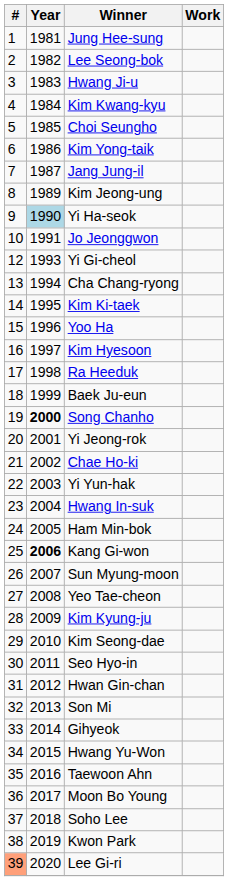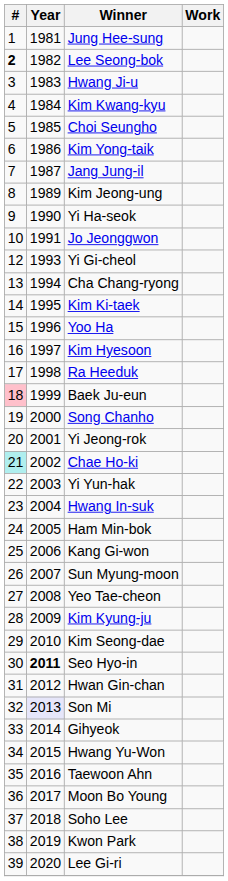 <table class="wikitable">
 <tr>
 <th>#</th>
 <th>Year</th>
 <th>Winner</th>
 <th>Work</th>
 </tr>
 <tr>
 <td>1</td>
 <td>1981</td>
 <td><a href='#'>Jung Hee-sung</a></td>
 <td></td>
 </tr>
 <tr>
-<td>2</td>
+<td><strong>2</strong></td>
 <td>1982</td>
 <td><a href='#'>Lee Seong-bok</a></td>
 <td></td>
 </tr>
 <tr>
 <td>3</td>
 <td>1983</td>
 <td><a href='#'>Hwang Ji-u</a></td>
 <td></td>
 </tr>
 <tr>
 <td>4</td>
 <td>1984</td>
 <td><a href='#'>Kim Kwang-kyu</a></td>
 <td></td>
 </tr>
 <tr>
 <td>5</td>
 <td>1985</td>
 <td><a href='#'>Choi Seungho</a></td>
 <td></td>
 </tr>
 <tr>
 <td>6</td>
 <td>1986</td>
 <td><a href='#'>Kim Yong-taik</a></td>
 <td></td>
 </tr>
 <tr>
 <td>7</td>
 <td>1987</td>
 <td><a href='#'>Jang Jung-il</a></td>
 <td></td>
 </tr>
 <tr>
 <td>8</td>
 <td>1989</td>
 <td>Kim Jeong-ung</td>
 <td></td>
 </tr>
 <tr>
 <td>9</td>
-<td style="background: lightblue;">1990</td>
+<td>1990</td>
 <td>Yi Ha-seok</td>
 <td></td>
 </tr>
 <tr>
 <td>10</td>
 <td>1991</td>
 <td><a href='#'>Jo Jeonggwon</a></td>
 <td></td>
 </tr>
 <tr>
 <td>12</td>
 <td>1993</td>
 <td>Yi Gi-cheol</td>
 <td></td>
 </tr>
 <tr>
 <td>13</td>
 <td>1994</td>
 <td>Cha Chang-ryong</td>
 <td></td>
 </tr>
 <tr>
 <td>14</td>
 <td>1995</td>
 <td><a href='#'>Kim Ki-taek</a></td>
 <td></td>
 </tr>
 <tr>
 <td>15</td>
 <td>1996</td>
 <td><a href='#'>Yoo Ha</a></td>
 <td></td>
 </tr>
 <tr>
 <td>16</td>
 <td>1997</td>
 <td><a href='#'>Kim Hyesoon</a></td>
 <td></td>
 </tr>
 <tr>
 <td>17</td>
 <td>1998</td>
 <td><a href='#'>Ra Heeduk</a></td>
 <td></td>
 </tr>
 <tr>
-<td>18</td>
+<td style="background: pink;">18</td>
 <td>1999</td>
 <td>Baek Ju-eun</td>
 <td></td>
 </tr>
 <tr>
 <td>19</td>
-<td><strong>2000</strong></td>
+<td>2000</td>
 <td><a href='#'>Song Chanho</a></td>
 <td></td>
 </tr>
 <tr>
 <td>20</td>
 <td>2001</td>
 <td>Yi Jeong-rok</td>
 <td></td>
 </tr>
 <tr>
-<td>21</td>
+<td style="background: paleturquoise;">21</td>
 <td>2002</td>
 <td><a href='#'>Chae Ho-ki</a></td>
 <td></td>
 </tr>
 <tr>
 <td>22</td>
 <td>2003</td>
 <td>Yi Yun-hak</td>
 <td></td>
 </tr>
 <tr>
 <td>23</td>
 <td>2004</td>
 <td><a href='#'>Hwang In-suk</a></td>
 <td></td>
 </tr>
 <tr>
 <td>24</td>
 <td>2005</td>
 <td>Ham Min-bok</td>
 <td></td>
 </tr>
 <tr>
 <td>25</td>
-<td><strong>2006</strong></td>
+<td>2006</td>
 <td>Kang Gi-won</td>
 <td></td>
 </tr>
 <tr>
 <td>26</td>
 <td>2007</td>
 <td>Sun Myung-moon</td>
 <td></td>
 </tr>
 <tr>
 <td>27</td>
 <td>2008</td>
 <td>Yeo Tae-cheon</td>
 <td></td>
 </tr>
 <tr>
 <td>28</td>
 <td>2009</td>
 <td><a href='#'>Kim Kyung-ju</a></td>
 <td></td>
 </tr>
 <tr>
 <td>29</td>
 <td>2010</td>
 <td>Kim Seong-dae</td>
 <td></td>
 </tr>
 <tr>
 <td>30</td>
-<td>2011</td>
+<td><strong>2011</strong></td>
 <td>Seo Hyo-in</td>
 <td></td>
 </tr>
 <tr>
 <td>31</td>
 <td>2012</td>
 <td>Hwan Gin-chan</td>
 <td></td>
 </tr>
 <tr>
 <td>32</td>
-<td>2013</td>
+<td style="background: lavender;">2013</td>
 <td>Son Mi</td>
 <td></td>
 </tr>
 <tr>
 <td>33</td>
 <td>2014</td>
 <td>Gihyeok</td>
 <td></td>
 </tr>
 <tr>
 <td>34</td>
 <td>2015</td>
 <td>Hwang Yu-Won</td>
 <td></td>
 </tr>
 <tr>
 <td>35</td>
 <td>2016</td>
 <td>Taewoon Ahn</td>
 <td></td>
 </tr>
 <tr>
 <td>36</td>
 <td>2017</td>
 <td>Moon Bo Young</td>
 <td></td>
 </tr>
 <tr>
 <td>37</td>
 <td>2018</td>
 <td>Soho Lee</td>
 <td></td>
 </tr>
 <tr>
 <td>38</td>
 <td>2019</td>
 <td>Kwon Park</td>
 <td></td>
 </tr>
 <tr>
-<td style="background: lightsalmon;">39</td>
+<td>39</td>
 <td>2020</td>
 <td>Lee Gi-ri</td>
 <td></td>
 </tr>
 <tr>
 </tr>
 </table>
